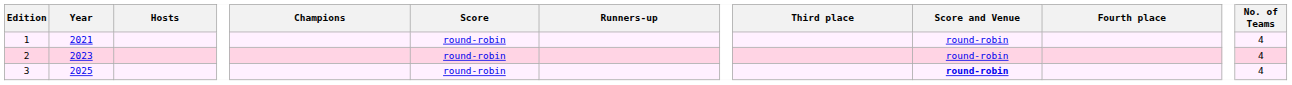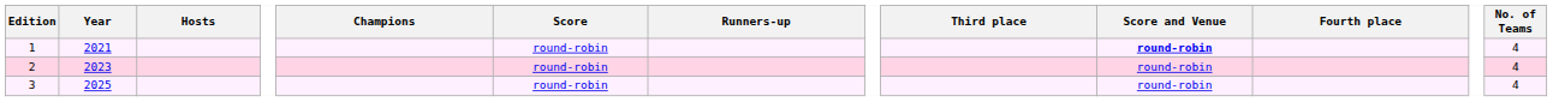 <table class="wikitable" style="text-align:center;width:100%; font-size:90%;">
 <tr>
 <th width=2%>Edition</th>
 <th width=5%>Year</th>
 <th width=8%>Hosts</th>
 <td rowspan="5" style="width:1%;background:#fff;border-top-style:hidden;border-bottom-style:hidden;"></td>
 <th style="width:14%;">Champions</th>
 <th width=10%>Score</th>
 <th style="width:14%;">Runners-up</th>
 <td rowspan="5" style="width:1%;background:#fff;border-top-style:hidden;border-bottom-style:hidden;"></td>
 <th style="width:14%;">Third place</th>
 <th width=10%>Score and Venue</th>
 <th style="width:14%;">Fourth place</th>
 <td rowspan="5" style="width:1%;background:#fff;border-top-style:hidden;border-bottom-style:hidden;"></td>
 <th width=4%>No. of Teams</th>
 </tr>
 <tr align="centre" bgcolor="#fff0ff">
 <td>1</td>
 <td><a href='#'>2021</a></td>
 <td align="left"></td>
 <td><strong></strong></td>
 <td><a href='#'>round-robin</a></td>
 <td></td>
 <td></td>
-<td><a href='#'>round-robin</a></td>
+<td><strong><a href='#'>round-robin</a></strong></td>
 <td></td>
 <td>4</td>
 </tr>
 <tr align="centre" bgcolor="#FFD4E4">
 <td>2</td>
 <td><a href='#'>2023</a></td>
 <td align="left"></td>
 <td><strong></strong></td>
 <td><a href='#'>round-robin</a></td>
 <td></td>
 <td></td>
 <td><a href='#'>round-robin</a></td>
 <td></td>
 <td>4</td>
 </tr>
 <tr align="centre" bgcolor="#fff0ff">
 <td>3</td>
 <td><a href='#'>2025</a></td>
 <td align="left"></td>
 <td><strong></strong></td>
 <td><a href='#'>round-robin</a></td>
 <td></td>
 <td></td>
-<td><strong><a href='#'>round-robin</a></strong></td>
+<td><a href='#'>round-robin</a></td>
 <td></td>
 <td>4</td>
 </tr>
 </table>
